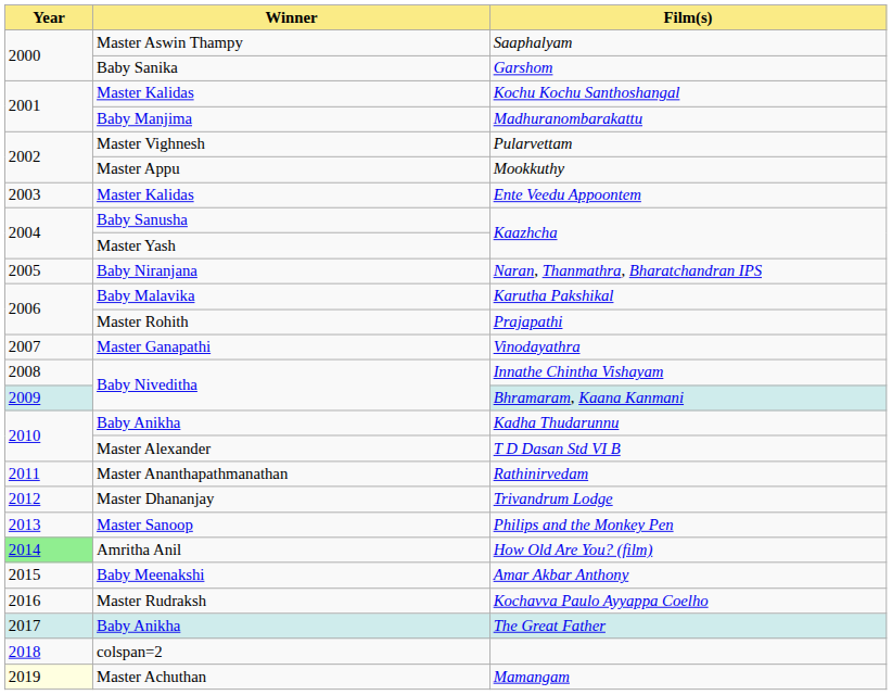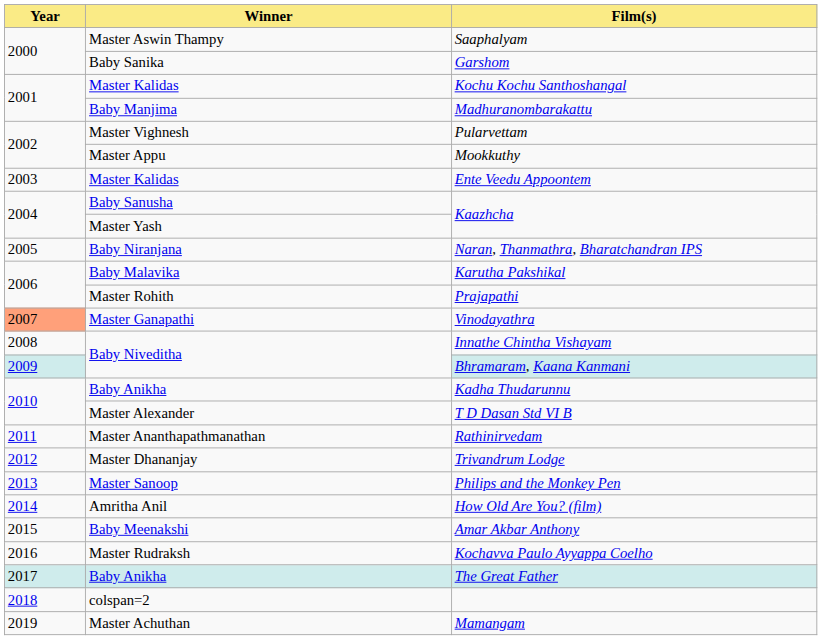 <table class="wikitable" style="width:100%">
 <tr bgcolor="#bebebe">
 <th width="10%" style="background:#FAEB86">Year</th>
 <th width="45%" style="background:#FAEB86">Winner</th>
 <th width="45%" style="background:#FAEB86">Film(s)</th>
 </tr>
 <tr>
 <td rowspan=2>2000</td>
 <td>Master Aswin Thampy</td>
 <td><em>Saaphalyam</em></td>
 </tr>
 <tr>
 <td>Baby Sanika</td>
 <td><em><a href='#'>Garshom</a></em></td>
 </tr>
 <tr>
 <td rowspan=2>2001</td>
 <td><a href='#'>Master Kalidas</a></td>
 <td><em><a href='#'>Kochu Kochu Santhoshangal</a></em></td>
 </tr>
 <tr>
 <td><a href='#'>Baby Manjima</a></td>
 <td><em><a href='#'>Madhuranombarakattu</a></em></td>
 </tr>
 <tr>
 <td rowspan=2>2002</td>
 <td>Master Vighnesh</td>
 <td><em>Pularvettam</em></td>
 </tr>
 <tr>
 <td>Master Appu</td>
 <td><em>Mookkuthy</em></td>
 </tr>
 <tr>
 <td>2003</td>
 <td><a href='#'>Master Kalidas</a></td>
 <td><em><a href='#'>Ente Veedu Appoontem</a></em></td>
 </tr>
 <tr>
 <td rowspan=2>2004</td>
 <td><a href='#'>Baby Sanusha</a></td>
 <td rowspan=2><em><a href='#'>Kaazhcha</a></em></td>
 </tr>
 <tr>
 <td>Master Yash</td>
 </tr>
 <tr>
 <td>2005</td>
 <td><a href='#'>Baby Niranjana</a></td>
 <td><em><a href='#'>Naran</a></em>, <em><a href='#'>Thanmathra</a></em>, <em><a href='#'>Bharatchandran IPS</a></em></td>
 </tr>
 <tr>
 <td rowspan=2>2006</td>
 <td><a href='#'>Baby Malavika</a></td>
 <td><em><a href='#'>Karutha Pakshikal</a></em></td>
 </tr>
 <tr>
 <td>Master Rohith</td>
 <td><em><a href='#'>Prajapathi</a></em></td>
 </tr>
 <tr>
-<td>2007</td>
+<td style="background: lightsalmon;">2007</td>
 <td><a href='#'>Master Ganapathi</a></td>
 <td><em><a href='#'>Vinodayathra</a></em></td>
 </tr>
 <tr>
 <td>2008</td>
 <td rowspan="2"><a href='#'>Baby Niveditha</a></td>
 <td><em><a href='#'>Innathe Chintha Vishayam</a></em></td>
 </tr>
 <tr bgcolor="#cfecec">
 <td><a href='#'>2009</a></td>
 <td><em><a href='#'>Bhramaram</a></em>, <em><a href='#'>Kaana Kanmani</a></em></td>
 </tr>
 <tr>
 <td rowspan=2><a href='#'>2010</a></td>
 <td><a href='#'>Baby Anikha</a></td>
 <td><em><a href='#'>Kadha Thudarunnu</a></em></td>
 </tr>
 <tr>
 <td>Master Alexander</td>
 <td><em><a href='#'>T D Dasan Std VI B</a></em></td>
 </tr>
 <tr>
 <td><a href='#'>2011</a></td>
 <td>Master Ananthapathmanathan</td>
 <td><em><a href='#'>Rathinirvedam</a></em></td>
 </tr>
 <tr>
 <td><a href='#'>2012</a></td>
 <td>Master Dhananjay</td>
 <td><em><a href='#'>Trivandrum Lodge</a></em></td>
 </tr>
 <tr>
 <td><a href='#'>2013</a></td>
 <td><a href='#'>Master Sanoop</a></td>
 <td><em><a href='#'>Philips and the Monkey Pen</a></em></td>
 </tr>
 <tr>
-<td style="background: lightgreen;"><a href='#'>2014</a></td>
+<td><a href='#'>2014</a></td>
 <td>Amritha Anil</td>
 <td><em><a href='#'>How Old Are You? (film)</a></em></td>
 </tr>
 <tr>
 <td>2015</td>
 <td><a href='#'>Baby Meenakshi</a></td>
 <td><em><a href='#'>Amar Akbar Anthony</a></em></td>
 </tr>
 <tr>
 <td>2016</td>
 <td>Master Rudraksh</td>
 <td><em><a href='#'>Kochavva Paulo Ayyappa Coelho</a></em></td>
 </tr>
 <tr bgcolor="#cfecec">
 <td>2017</td>
 <td><a href='#'>Baby Anikha</a></td>
 <td><em><a href='#'>The Great Father</a></em></td>
 </tr>
 <tr>
 <td><a href='#'>2018</a></td>
 <td>colspan=2 </td>
 </tr>
 <tr>
-<td style="background: lightyellow;">2019</td>
+<td>2019</td>
 <td>Master Achuthan</td>
 <td><em><a href='#'>Mamangam</a></em></td>
 </tr>
 </table>
